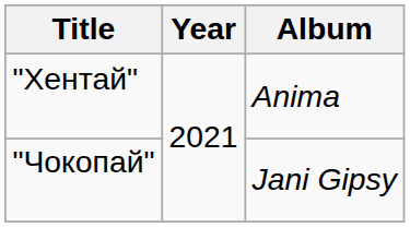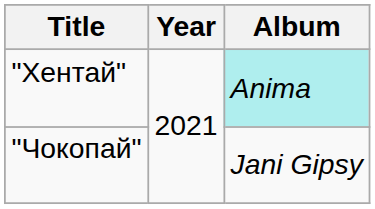 <table class="wikitable plainrowheaders">
 <tr>
 <th>Title</th>
 <th>Year</th>
 <th>Album</th>
 </tr>
 <tr>
 <td>"Хентай"<br><br></td>
 <td rowspan="2">2021</td>
-<td><em>Anima</em></td>
+<td style="background: paleturquoise;"><em>Anima</em></td>
 </tr>
 <tr>
 <td>"Чокопай"<br><br></td>
 <td><em>Jani Gipsy</em></td>
 </tr>
 </table>
